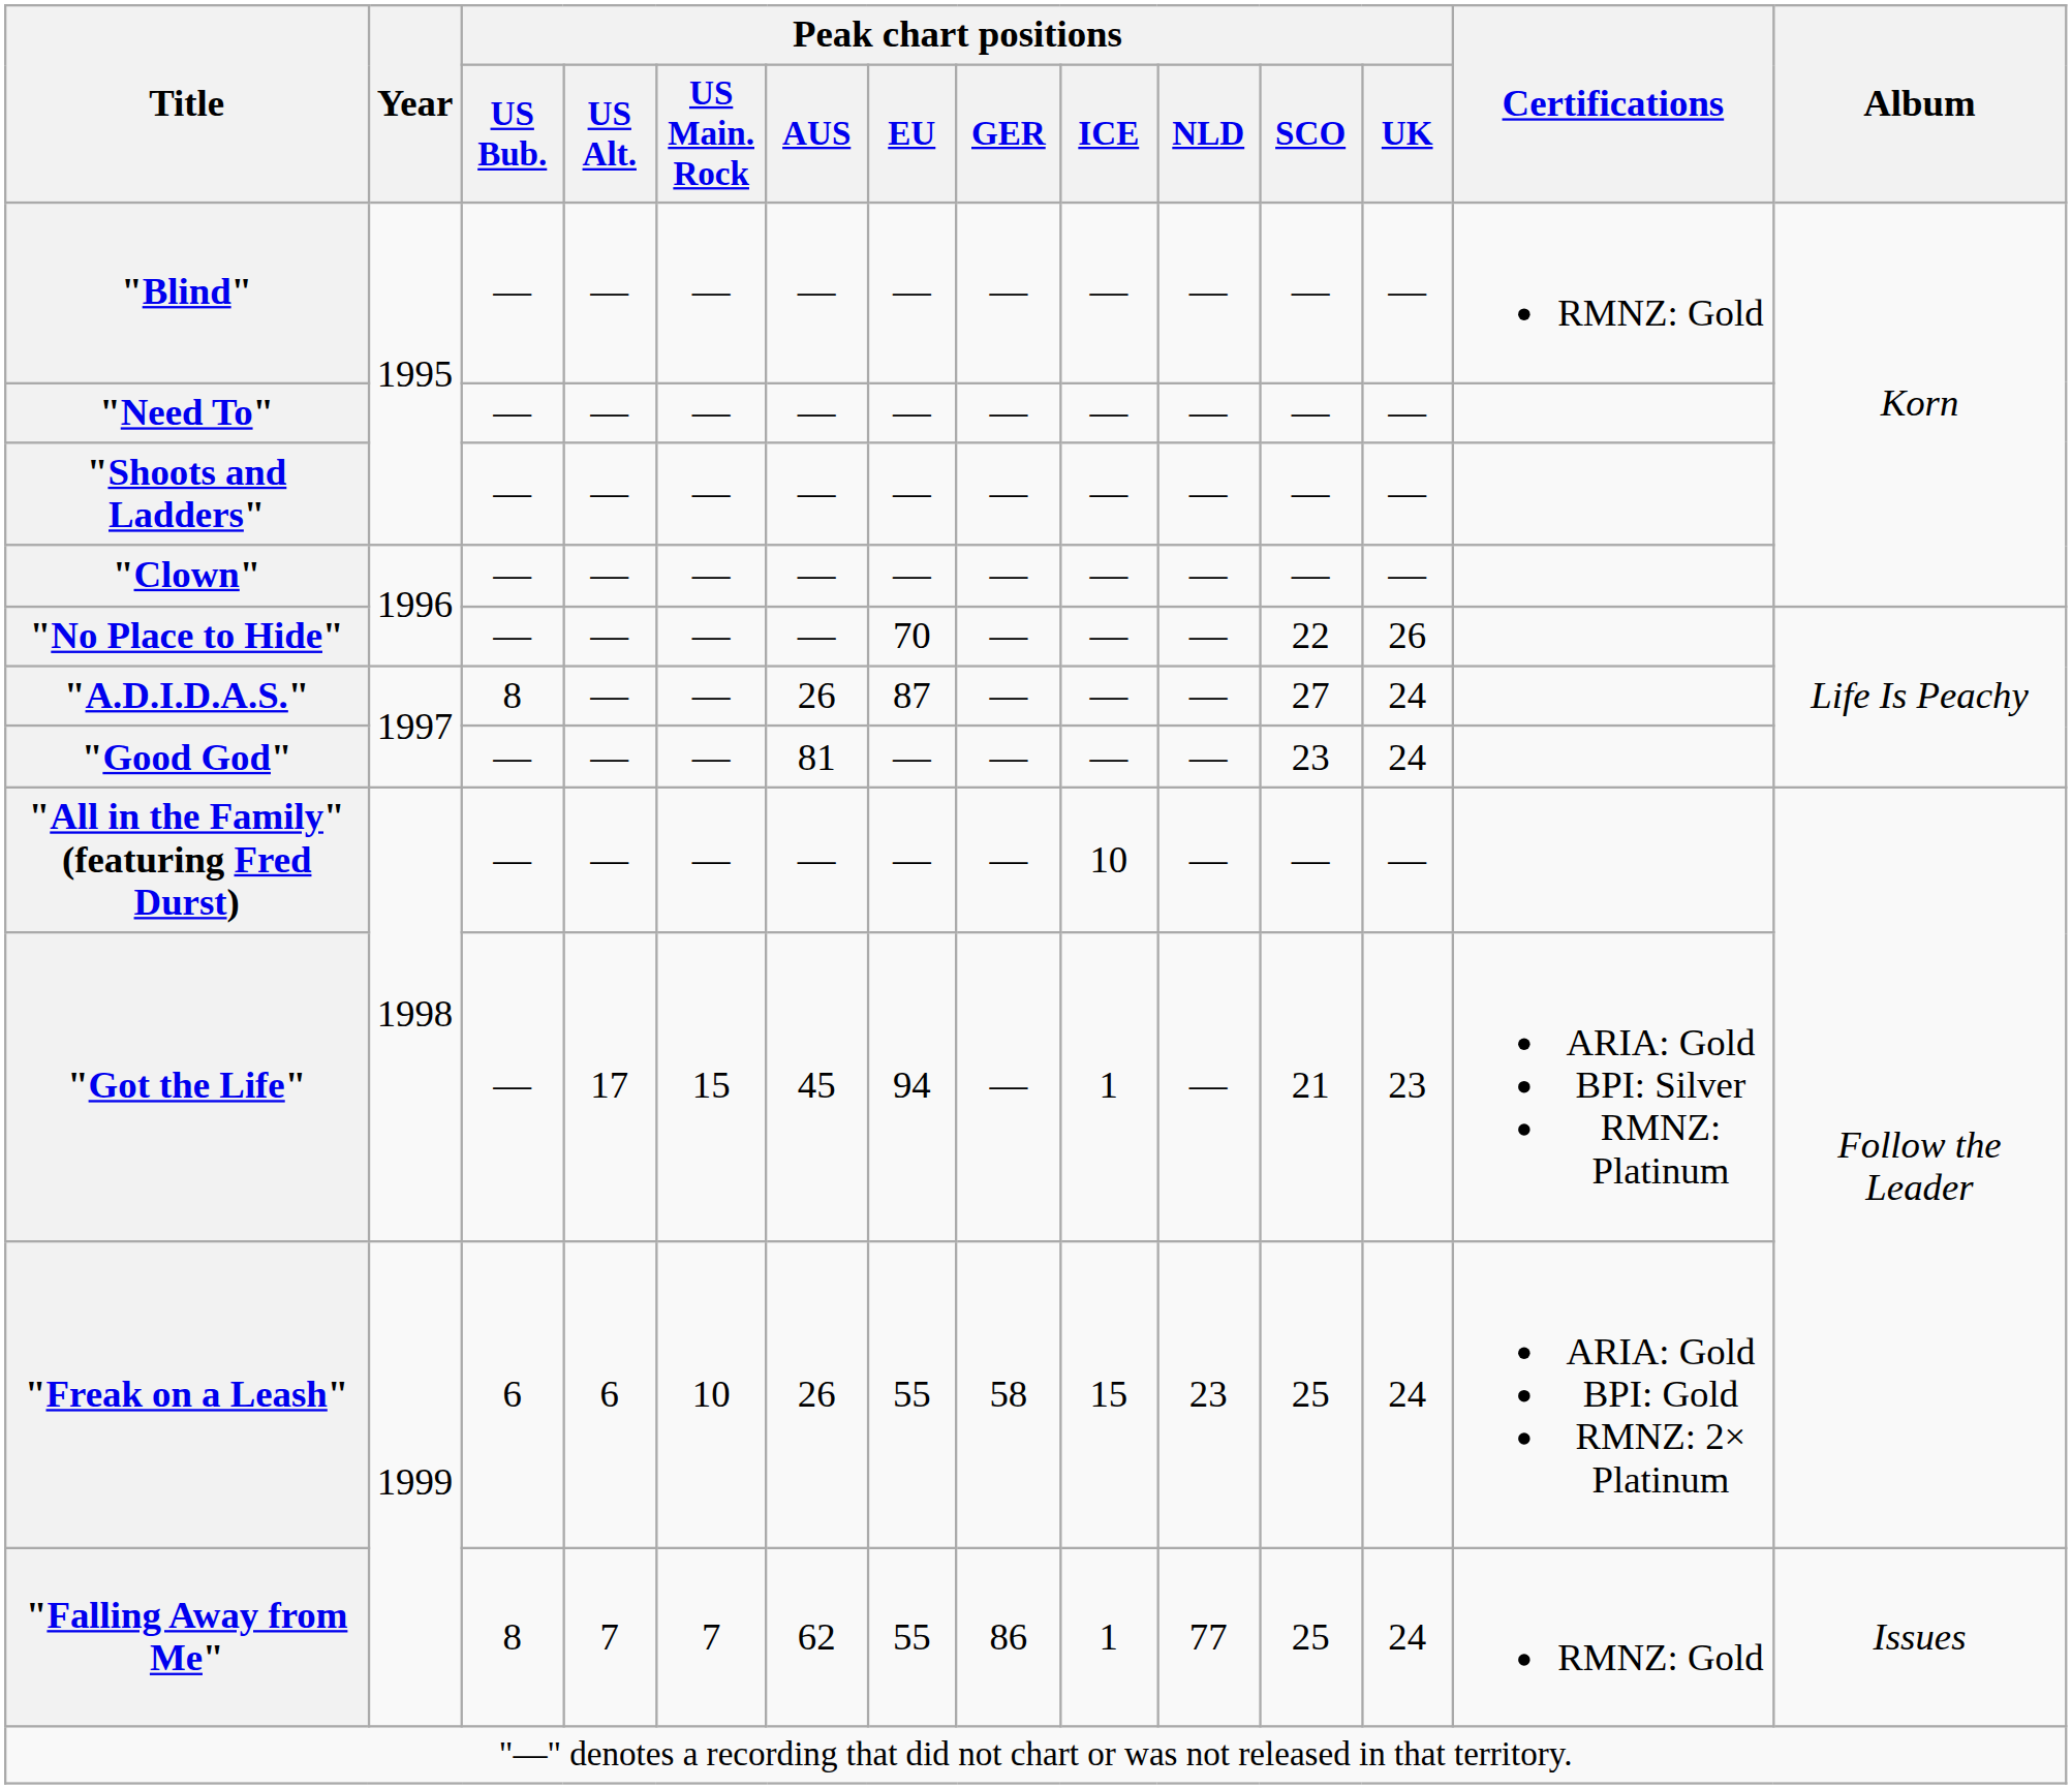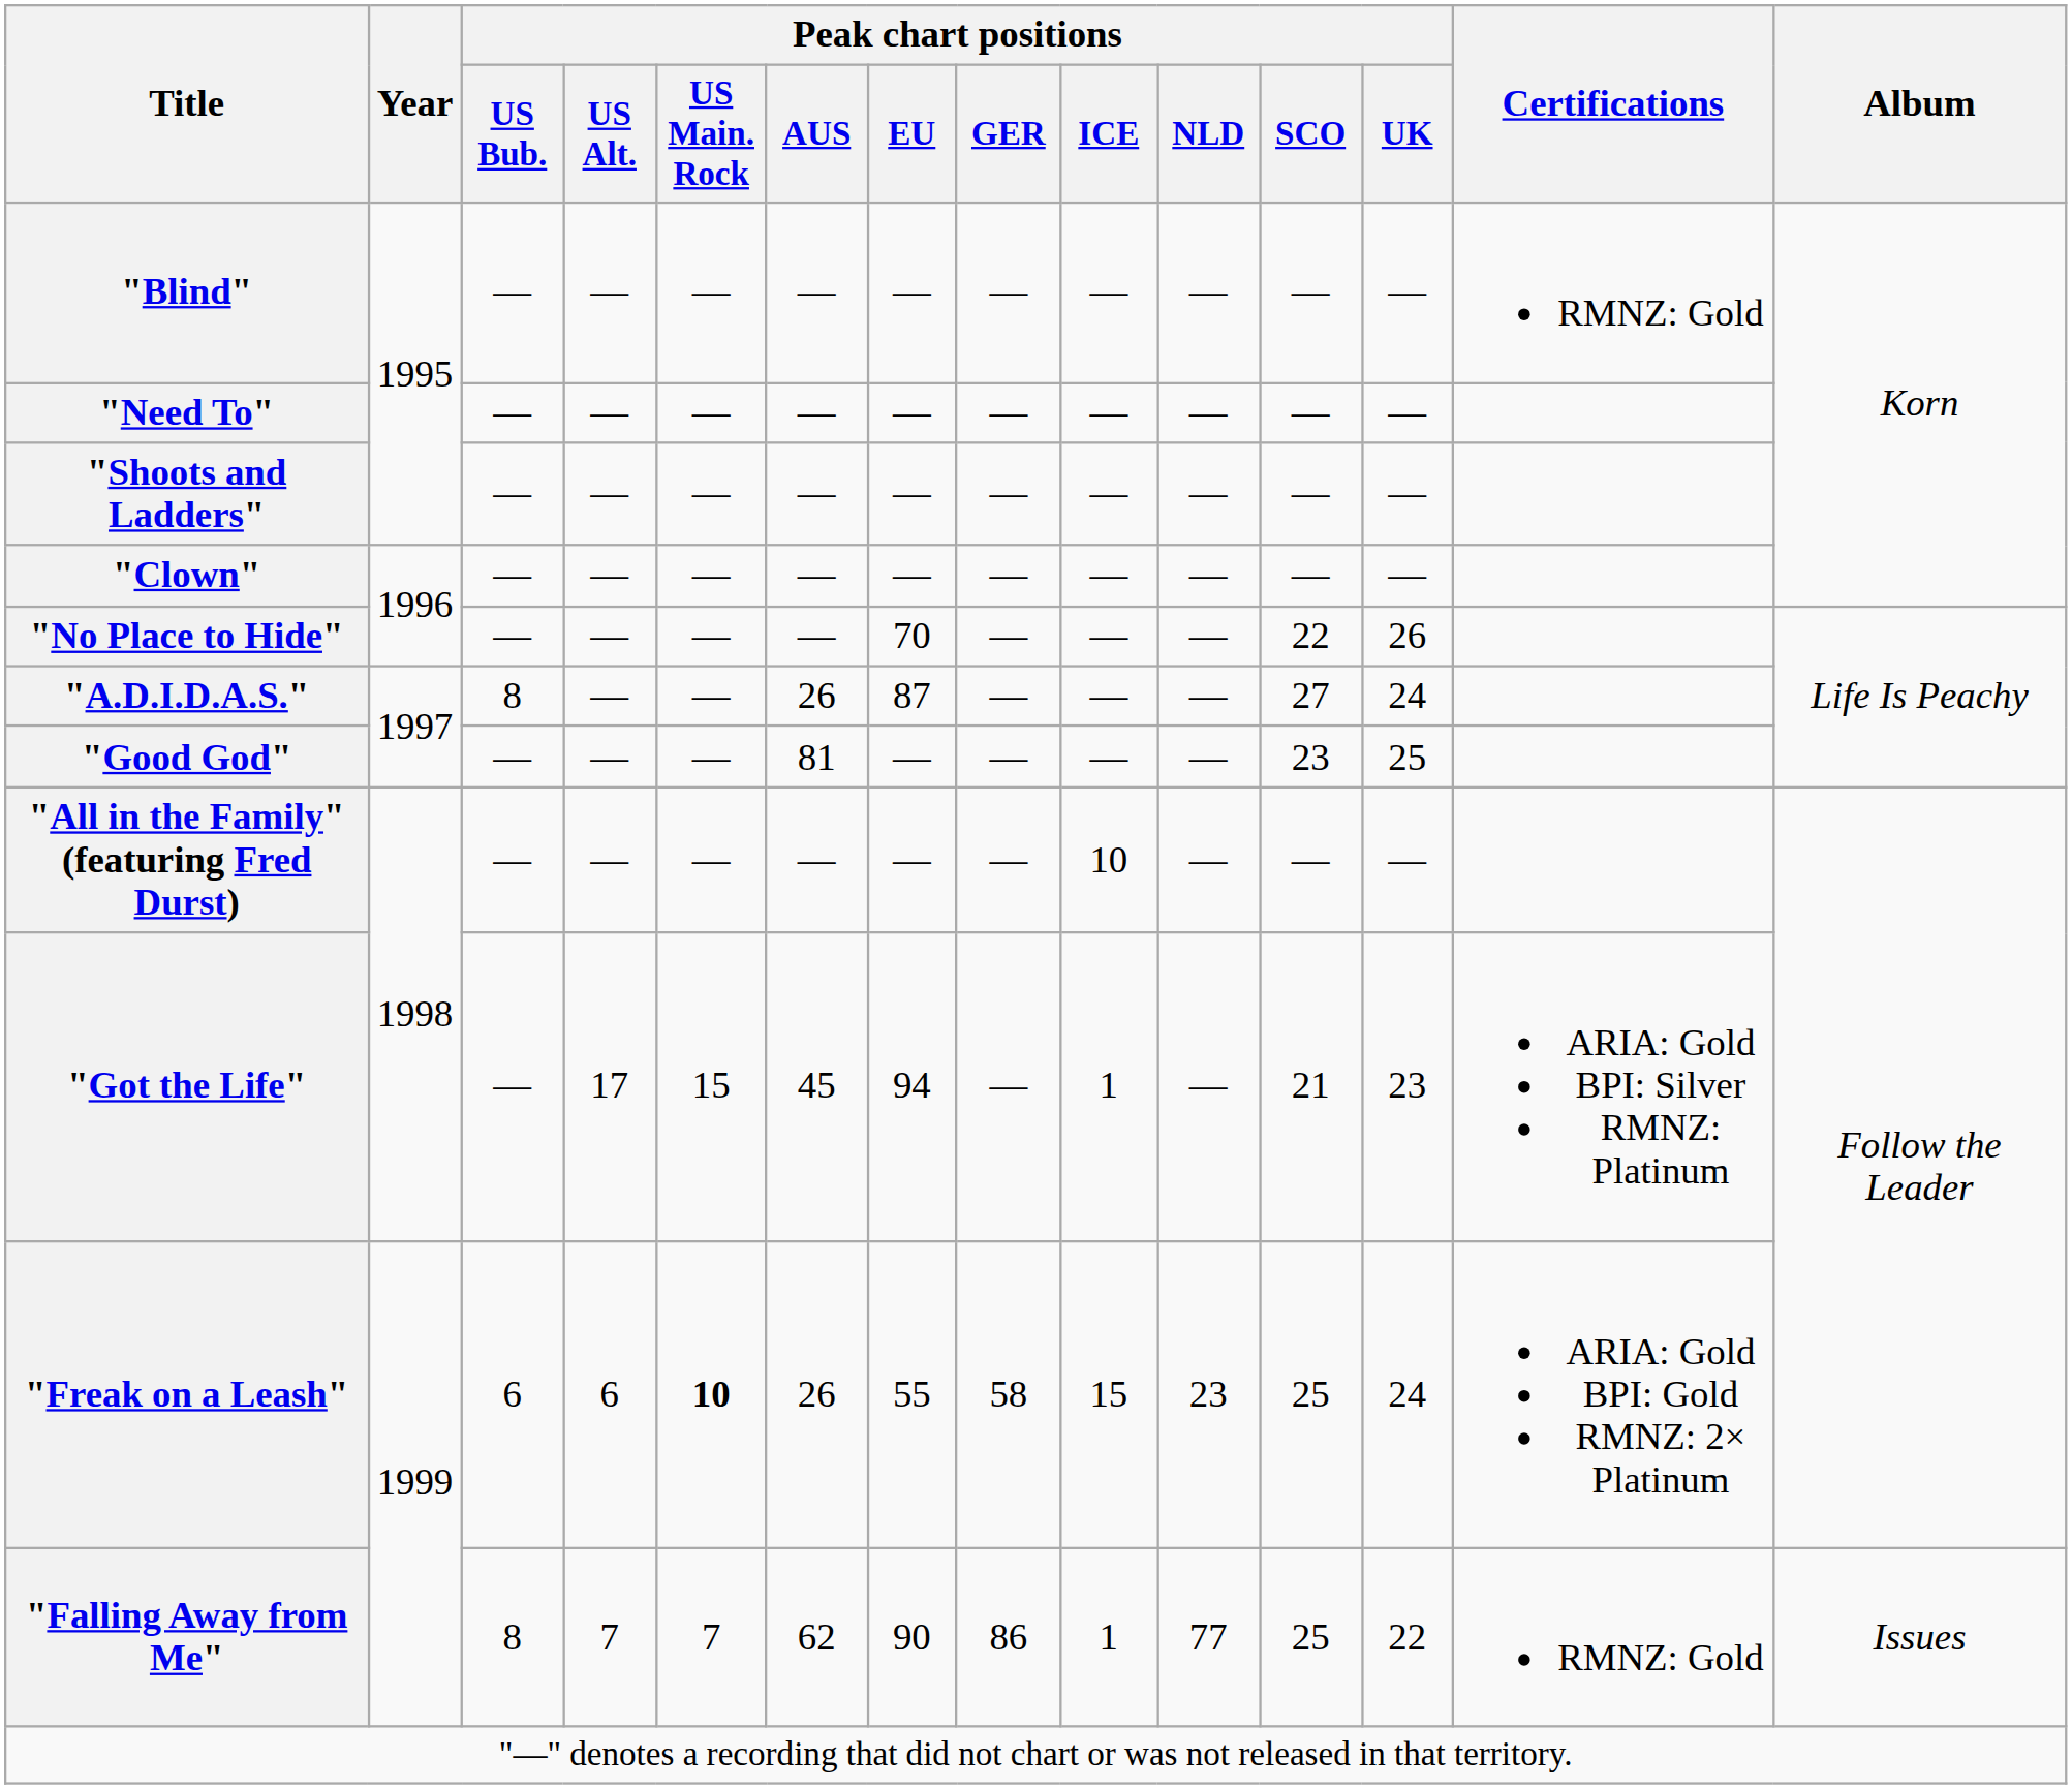 <table class="wikitable plainrowheaders" style="text-align:center;">
 <tr>
 <th scope="col" rowspan="2" style="width:12em;">Title</th>
 <th scope="col" rowspan="2">Year</th>
 <th scope="col" colspan="10">Peak chart positions</th>
 <th scope="col" rowspan="2" style="width:10em;"><a href='#'>Certifications</a></th>
 <th scope="col" rowspan="2" style="width:12em;">Album</th>
 </tr>
 <tr>
 <th scope="col" style="width:3em;font-size:90%;"><a href='#'>US<br>Bub.</a><br></th>
 <th scope="col" style="width:3em;font-size:90%;"><a href='#'>US<br>Alt.</a><br></th>
 <th scope="col" style="width:3em;font-size:90%;"><a href='#'>US<br>Main.<br>Rock</a><br></th>
 <th scope="col" style="width:3em;font-size:90%;"><a href='#'>AUS</a><br></th>
 <th scope="col" style="width:3em;font-size:90%;"><a href='#'>EU</a><br></th>
 <th scope="col" style="width:3em;font-size:90%;"><a href='#'>GER</a><br></th>
 <th scope="col" style="width:3em;font-size:90%;"><a href='#'>ICE</a><br></th>
 <th scope="col" style="width:3em;font-size:90%;"><a href='#'>NLD</a><br></th>
 <th scope="col" style="width:3em; font-size:90%;"><a href='#'>SCO</a><br></th>
 <th scope="col" style="width:3em;font-size:90%;"><a href='#'>UK</a><br></th>
 </tr>
 <tr>
 <th scope="row">"<a href='#'>Blind</a>"</th>
 <td rowspan="3">1995</td>
 <td>—</td>
 <td>—</td>
 <td>—</td>
 <td>—</td>
 <td>—</td>
 <td>—</td>
 <td>—</td>
 <td>—</td>
 <td>—</td>
 <td>—</td>
 <td><br><ul><li>RMNZ: Gold</li></ul></td>
 <td rowspan="4"><em>Korn</em></td>
 </tr>
 <tr>
 <th scope="row">"<a href='#'>Need To</a>"</th>
 <td>—</td>
 <td>—</td>
 <td>—</td>
 <td>—</td>
 <td>—</td>
 <td>—</td>
 <td>—</td>
 <td>—</td>
 <td>—</td>
 <td>—</td>
 <td></td>
 </tr>
 <tr>
 <th scope="row">"<a href='#'>Shoots and Ladders</a>"</th>
 <td>—</td>
 <td>—</td>
 <td>—</td>
 <td>—</td>
 <td>—</td>
 <td>—</td>
 <td>—</td>
 <td>—</td>
 <td>—</td>
 <td>—</td>
 <td></td>
 </tr>
 <tr>
 <th scope="row">"<a href='#'>Clown</a>"</th>
 <td rowspan="2">1996</td>
 <td>—</td>
 <td>—</td>
 <td>—</td>
 <td>—</td>
 <td>—</td>
 <td>—</td>
 <td>—</td>
 <td>—</td>
 <td>—</td>
 <td>—</td>
 <td></td>
 </tr>
 <tr>
 <th scope="row">"<a href='#'>No Place to Hide</a>"</th>
 <td>—</td>
 <td>—</td>
 <td>—</td>
 <td>—</td>
 <td>70</td>
 <td>—</td>
 <td>—</td>
 <td>—</td>
 <td>22</td>
 <td>26</td>
 <td></td>
 <td rowspan="3"><em>Life Is Peachy</em></td>
 </tr>
 <tr>
 <th scope="row">"<a href='#'>A.D.I.D.A.S.</a>"</th>
 <td rowspan="2">1997</td>
 <td>8</td>
 <td>—</td>
 <td>—</td>
 <td>26</td>
 <td>87</td>
 <td>—</td>
 <td>—</td>
 <td>—</td>
 <td>27</td>
 <td>24</td>
 <td></td>
 </tr>
 <tr>
 <th scope="row">"<a href='#'>Good God</a>"</th>
 <td>—</td>
 <td>—</td>
 <td>—</td>
 <td>81</td>
 <td>—</td>
 <td>—</td>
 <td>—</td>
 <td>—</td>
 <td>23</td>
-<td>24</td>
+<td>25</td>
 <td></td>
 </tr>
 <tr>
 <th scope="row">"<a href='#'>All in the Family</a>"<br><span>(featuring <a href='#'>Fred Durst</a>)</span></th>
 <td rowspan="2">1998</td>
 <td>—</td>
 <td>—</td>
 <td>—</td>
 <td>—</td>
 <td>—</td>
 <td>—</td>
 <td>10</td>
 <td>—</td>
 <td>—</td>
 <td>—</td>
 <td></td>
 <td rowspan="3"><em>Follow the Leader</em></td>
 </tr>
 <tr>
 <th scope="row">"<a href='#'>Got the Life</a>"</th>
 <td>—</td>
 <td>17</td>
 <td>15</td>
 <td>45</td>
 <td>94</td>
 <td>—</td>
 <td>1</td>
 <td>—</td>
 <td>21</td>
 <td>23</td>
 <td><br><ul><li>ARIA: Gold</li><li>BPI: Silver</li><li>RMNZ: Platinum</li></ul></td>
 </tr>
 <tr>
 <th scope="row">"<a href='#'>Freak on a Leash</a>"</th>
 <td rowspan="2">1999</td>
 <td>6</td>
 <td>6</td>
-<td>10</td>
+<td><strong>10</strong></td>
 <td>26</td>
 <td>55</td>
 <td>58</td>
 <td>15</td>
 <td>23</td>
 <td>25</td>
 <td>24</td>
 <td><br><ul><li>ARIA: Gold</li><li>BPI: Gold</li><li>RMNZ: 2× Platinum</li></ul></td>
 </tr>
 <tr>
 <th scope="row">"<a href='#'>Falling Away from Me</a>"</th>
 <td>8</td>
 <td>7</td>
 <td>7</td>
 <td>62</td>
-<td>55</td>
+<td>90</td>
 <td>86</td>
 <td>1</td>
 <td>77</td>
 <td>25</td>
-<td>24</td>
+<td>22</td>
 <td><br><ul><li>RMNZ: Gold</li></ul></td>
 <td><em>Issues</em></td>
 </tr>
 <tr>
 <td colspan="15" style="font-size:90%">"—" denotes a recording that did not chart or was not released in that territory.</td>
 </tr>
 </table>
